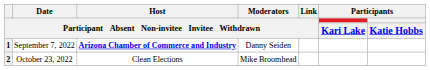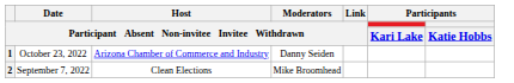 <table class="wikitable mw-collapsible"  style="text-align:center;">
 <tr style="font-size:small;">
 <th scope="col"></th>
 <th scope="col">Date</th>
 <th scope="col">Host</th>
 <th scope="col">Moderators</th>
 <th scope="col">Link</th>
 <th scope="col" colspan="2">Participants</th>
 </tr>
 <tr>
 <th colspan="5" rowspan="2"> <small>Participant  </small> <small>Absent  </small> <small>Non-invitee  </small> <small>Invitee  </small> <small>Withdrawn</small></th>
 <th scope="col" style="background:#E81B23;"></th>
 <th scope="col" style="background:"></th>
 </tr>
 <tr>
 <th scope="col"><a href='#'>Kari Lake</a></th>
 <th scope="col"><a href='#'>Katie Hobbs</a></th>
 </tr>
 <tr style="background:#fff; font-size:small;">
 <th scope="row">1</th>
-<td style="white-space:nowrap;">September 7, 2022</td>
-<td style="white-space:nowrap;"><strong><a href='#'>Arizona Chamber of Commerce and Industry</a></strong></td>
+<td style="white-space:nowrap;">October 23, 2022</td>
+<td style="white-space:nowrap;"><a href='#'>Arizona Chamber of Commerce and Industry</a></td>
 <td style="white-space:nowrap;">Danny Seiden</td>
 <td style="white-space:nowrap;"></td>
 <td></td>
 <td></td>
 </tr>
 <tr style="background:#fff; font-size:small;">
 <th scope="row">2</th>
-<td style="white-space:nowrap;">October 23, 2022</td>
+<td style="white-space:nowrap;">September 7, 2022</td>
 <td style="white-space:nowrap;">Clean Elections</td>
 <td style="white-space:nowrap;">Mike Broomhead</td>
 <td style="white-space:nowrap;"></td>
 <td></td>
 <td></td>
 </tr>
 </table>
